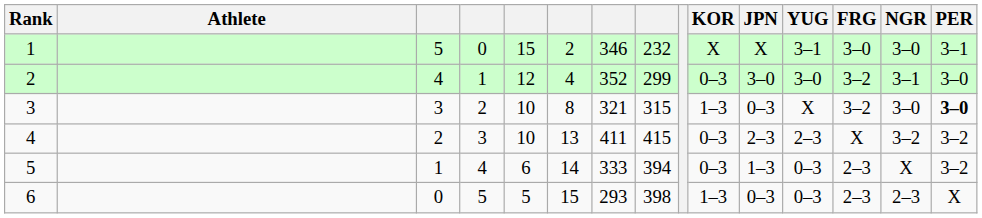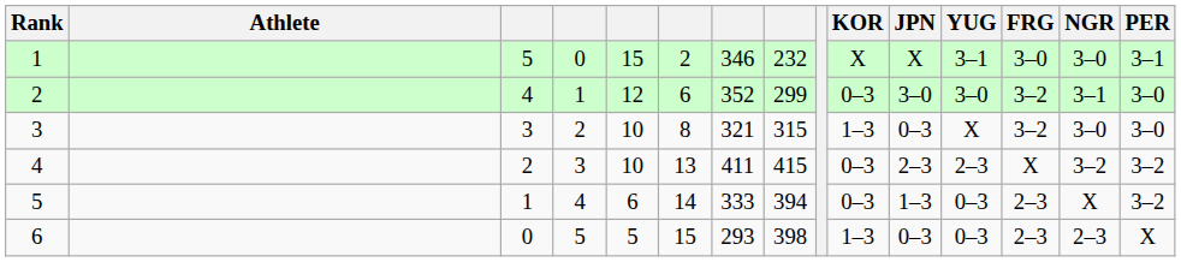 <table class="wikitable" style="text-align:center">
 <tr>
 <th>Rank</th>
 <th width=300>Athlete</th>
 <th width=30></th>
 <th width=30></th>
 <th width=30></th>
 <th width=30></th>
 <th width=30></th>
 <th width=30></th>
 <th rowspan=7></th>
 <th width=30>KOR</th>
 <th width=30>JPN</th>
 <th width=30>YUG</th>
 <th width=30>FRG</th>
 <th width=30>NGR</th>
 <th width=30>PER</th>
 </tr>
 <tr style="background-color:#ccffcc;">
 <td>1</td>
 <td align=left></td>
 <td>5</td>
 <td>0</td>
 <td>15</td>
 <td>2</td>
 <td>346</td>
 <td>232</td>
 <td>X</td>
 <td>X</td>
 <td>3–1</td>
 <td>3–0</td>
 <td>3–0</td>
 <td>3–1</td>
 </tr>
 <tr style="background-color:#ccffcc;">
 <td>2</td>
 <td align=left></td>
 <td>4</td>
 <td>1</td>
 <td>12</td>
-<td>4</td>
+<td>6</td>
 <td>352</td>
 <td>299</td>
 <td>0–3</td>
 <td>3–0</td>
 <td>3–0</td>
 <td>3–2</td>
 <td>3–1</td>
 <td>3–0</td>
 </tr>
 <tr>
 <td>3</td>
 <td align=left></td>
 <td>3</td>
 <td>2</td>
 <td>10</td>
 <td>8</td>
 <td>321</td>
 <td>315</td>
 <td>1–3</td>
 <td>0–3</td>
 <td>X</td>
 <td>3–2</td>
 <td>3–0</td>
-<td><strong>3–0</strong></td>
+<td>3–0</td>
 </tr>
 <tr>
 <td>4</td>
 <td align=left></td>
 <td>2</td>
 <td>3</td>
 <td>10</td>
 <td>13</td>
 <td>411</td>
 <td>415</td>
 <td>0–3</td>
 <td>2–3</td>
 <td>2–3</td>
 <td>X</td>
 <td>3–2</td>
 <td>3–2</td>
 </tr>
 <tr>
 <td>5</td>
 <td align=left></td>
 <td>1</td>
 <td>4</td>
 <td>6</td>
 <td>14</td>
 <td>333</td>
 <td>394</td>
 <td>0–3</td>
 <td>1–3</td>
 <td>0–3</td>
 <td>2–3</td>
 <td>X</td>
 <td>3–2</td>
 </tr>
 <tr>
 <td>6</td>
 <td align=left></td>
 <td>0</td>
 <td>5</td>
 <td>5</td>
 <td>15</td>
 <td>293</td>
 <td>398</td>
 <td>1–3</td>
 <td>0–3</td>
 <td>0–3</td>
 <td>2–3</td>
 <td>2–3</td>
 <td>X</td>
 </tr>
 </table>
